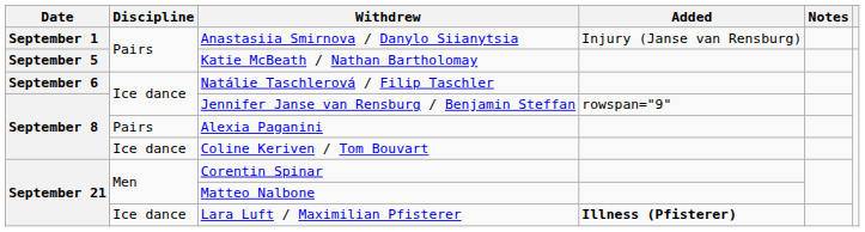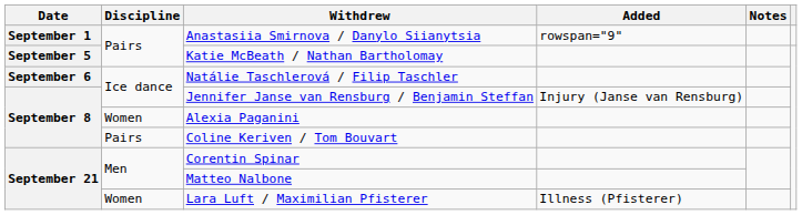 <table class="wikitable unsortable" style="text-align:left;">
 <tr>
 <th scope="col">Date</th>
 <th scope="col">Discipline</th>
 <th scope="col">Withdrew</th>
 <th scope="col">Added</th>
 <th scope="col">Notes</th>
 <th scope="col"></th>
 </tr>
 <tr>
 <th scope="row" style="text-align:left">September 1</th>
 <td rowspan="2">Pairs</td>
 <td> <a href='#'>Anastasiia Smirnova</a> / <a href='#'>Danylo Siianytsia</a></td>
-<td>Injury (Janse van Rensburg)</td>
+<td>rowspan="9" </td>
 <td></td>
 <td></td>
 </tr>
 <tr>
 <th scope="row" style="text-align:left">September 5</th>
 <td> <a href='#'>Katie McBeath</a> / <a href='#'>Nathan Bartholomay</a></td>
 <td></td>
 <td></td>
 </tr>
 <tr>
 <th scope="row" style="text-align:left">September 6</th>
 <td rowspan="2">Ice dance</td>
 <td> <a href='#'>Natálie Taschlerová</a> / <a href='#'>Filip Taschler</a></td>
 <td></td>
 <td></td>
 </tr>
 <tr>
 <th scope="row" style="text-align:left" rowspan="3">September 8</th>
 <td> <a href='#'>Jennifer Janse van Rensburg</a> / <a href='#'>Benjamin Steffan</a></td>
-<td>rowspan="9" </td>
+<td>Injury (Janse van Rensburg)</td>
 <td></td>
 </tr>
 <tr>
-<td>Pairs</td>
+<td>Women</td>
 <td> <a href='#'>Alexia Paganini</a></td>
 <td></td>
 <td></td>
 </tr>
 <tr>
-<td>Ice dance</td>
+<td>Pairs</td>
 <td> <a href='#'>Coline Keriven</a> / <a href='#'>Tom Bouvart</a></td>
 <td></td>
 <td></td>
 </tr>
 <tr>
 <th scope="row" style="text-align:left" rowspan="3">September 21</th>
 <td rowspan="2">Men</td>
 <td> <a href='#'>Corentin Spinar</a></td>
 <td></td>
 <td rowspan="2"></td>
 </tr>
 <tr>
 <td> <a href='#'>Matteo Nalbone</a></td>
 <td></td>
 </tr>
 <tr>
-<td>Ice dance</td>
+<td>Women</td>
 <td> <a href='#'>Lara Luft</a> / <a href='#'>Maximilian Pfisterer</a></td>
-<td><strong>Illness (Pfisterer)</strong></td>
+<td>Illness (Pfisterer)</td>
 <td></td>
 </tr>
 </table>
